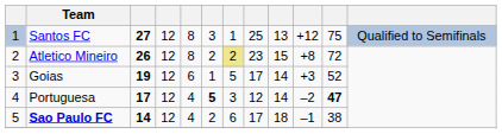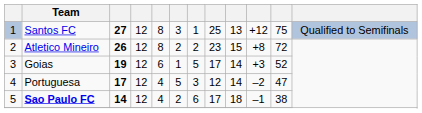 <table class="wikitable">
 <tr>
 <th width="30"></th>
 <th width="170">Team</th>
 <th width="30"></th>
 <th width="30"></th>
 <th width="30"></th>
 <th width="30"></th>
 <th width="30"></th>
 <th width="30"></th>
 <th width="30"></th>
 <th width="30"></th>
 <th width="30"></th>
 <th width="300"></th>
 </tr>
 <tr style="text-align:center;">
 <td bgcolor=#B0C4DE>1</td>
 <td style="text-align:left;"><a href='#'>Santos FC</a></td>
 <td><strong>27</strong></td>
 <td>12</td>
 <td>8</td>
 <td>3</td>
 <td>1</td>
 <td>25</td>
 <td>13</td>
 <td>+12</td>
 <td>75</td>
 <td rowspan="1" bgcolor=#B0C4DE>Qualified to Semifinals</td>
 </tr>
 <tr style="text-align:center;">
 <td>2</td>
 <td style="text-align:left;"><a href='#'>Atletico Mineiro</a></td>
 <td><strong>26</strong></td>
 <td>12</td>
 <td>8</td>
 <td>2</td>
-<td style="background: khaki;">2</td>
+<td>2</td>
 <td>23</td>
 <td>15</td>
 <td>+8</td>
 <td>72</td>
 <td rowspan="11"></td>
 </tr>
 <tr style="text-align:center;">
 <td>3</td>
 <td style="text-align:left;">Goias</td>
 <td><strong>19</strong></td>
 <td>12</td>
 <td>6</td>
 <td>1</td>
 <td>5</td>
 <td>17</td>
 <td>14</td>
 <td>+3</td>
 <td>52</td>
 </tr>
 <tr style="text-align:center;">
 <td>4</td>
 <td style="text-align:left;">Portuguesa</td>
 <td><strong>17</strong></td>
 <td>12</td>
 <td>4</td>
-<td><strong>5</strong></td>
+<td>5</td>
 <td>3</td>
 <td>12</td>
 <td>14</td>
 <td>–2</td>
-<td><strong>47</strong></td>
+<td>47</td>
 </tr>
 <tr style="text-align:center;">
 <td>5</td>
 <td style="text-align:left;"><strong><a href='#'>Sao Paulo FC</a></strong></td>
 <td><strong>14</strong></td>
 <td>12</td>
 <td>4</td>
 <td>2</td>
 <td>6</td>
 <td>17</td>
 <td>18</td>
 <td>–1</td>
 <td>38</td>
 </tr>
 <tr style="text-align:center;">
 </tr>
 </table>
